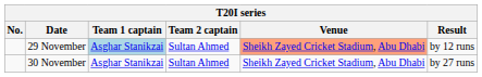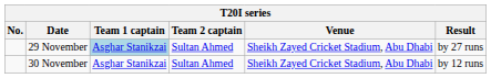 <table class="wikitable">
 <tr>
 <th colspan="9">T20I series</th>
 </tr>
 <tr>
 <th>No.</th>
 <th>Date</th>
 <th>Team 1 captain</th>
 <th>Team 2 captain</th>
 <th>Venue</th>
 <th>Result</th>
 </tr>
 <tr>
 <td></td>
 <td>29 November</td>
 <td style="background: lightblue;"><a href='#'>Asghar Stanikzai</a></td>
 <td><a href='#'>Sultan Ahmed</a></td>
-<td style="background: lightsalmon;"><a href='#'>Sheikh Zayed Cricket Stadium</a>, <a href='#'>Abu Dhabi</a></td>
-<td> by 12 runs</td>
+<td><a href='#'>Sheikh Zayed Cricket Stadium</a>, <a href='#'>Abu Dhabi</a></td>
+<td> by 27 runs</td>
 </tr>
 <tr>
 <td></td>
 <td>30 November</td>
 <td><a href='#'>Asghar Stanikzai</a></td>
 <td><a href='#'>Sultan Ahmed</a></td>
 <td><a href='#'>Sheikh Zayed Cricket Stadium</a>, <a href='#'>Abu Dhabi</a></td>
-<td> by 27 runs</td>
+<td> by 12 runs</td>
 </tr>
 </table>
